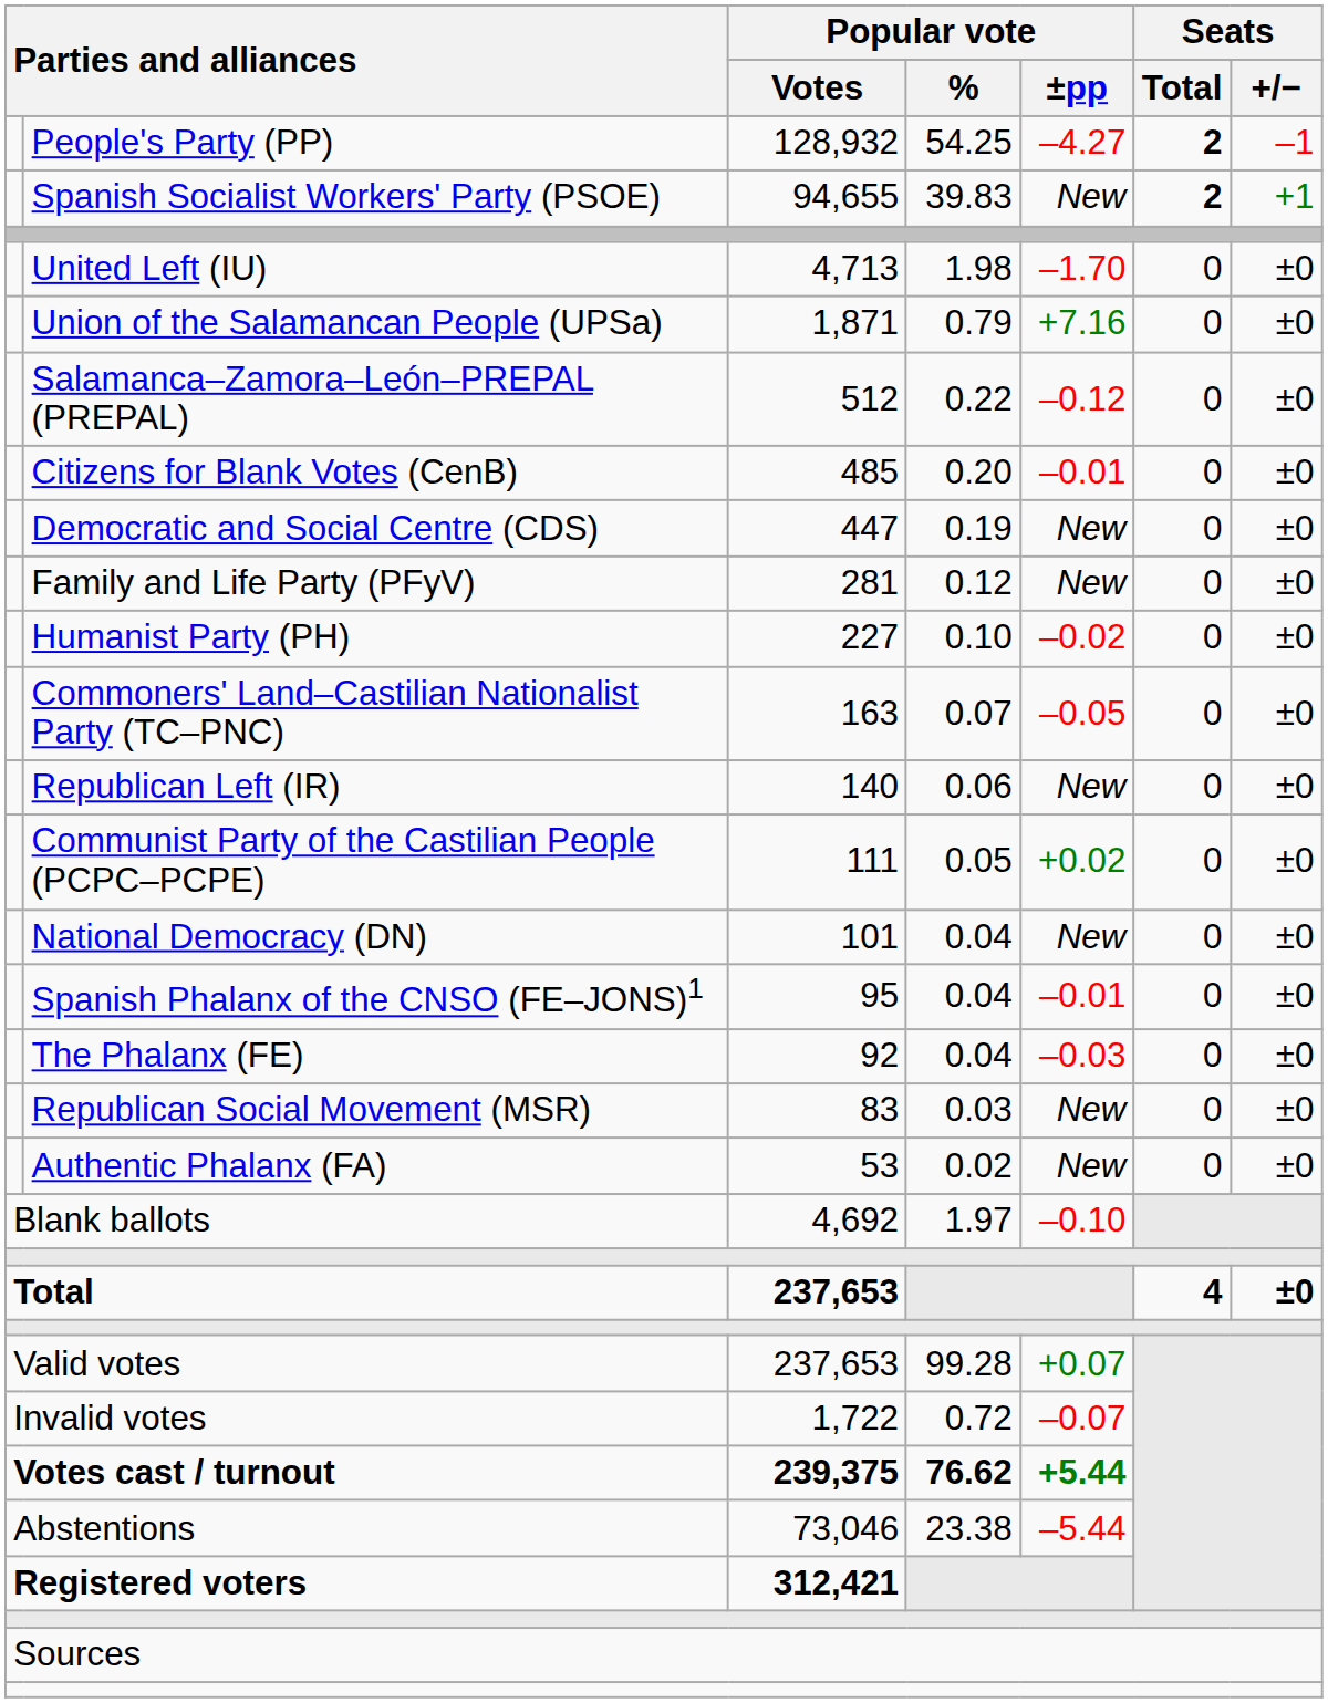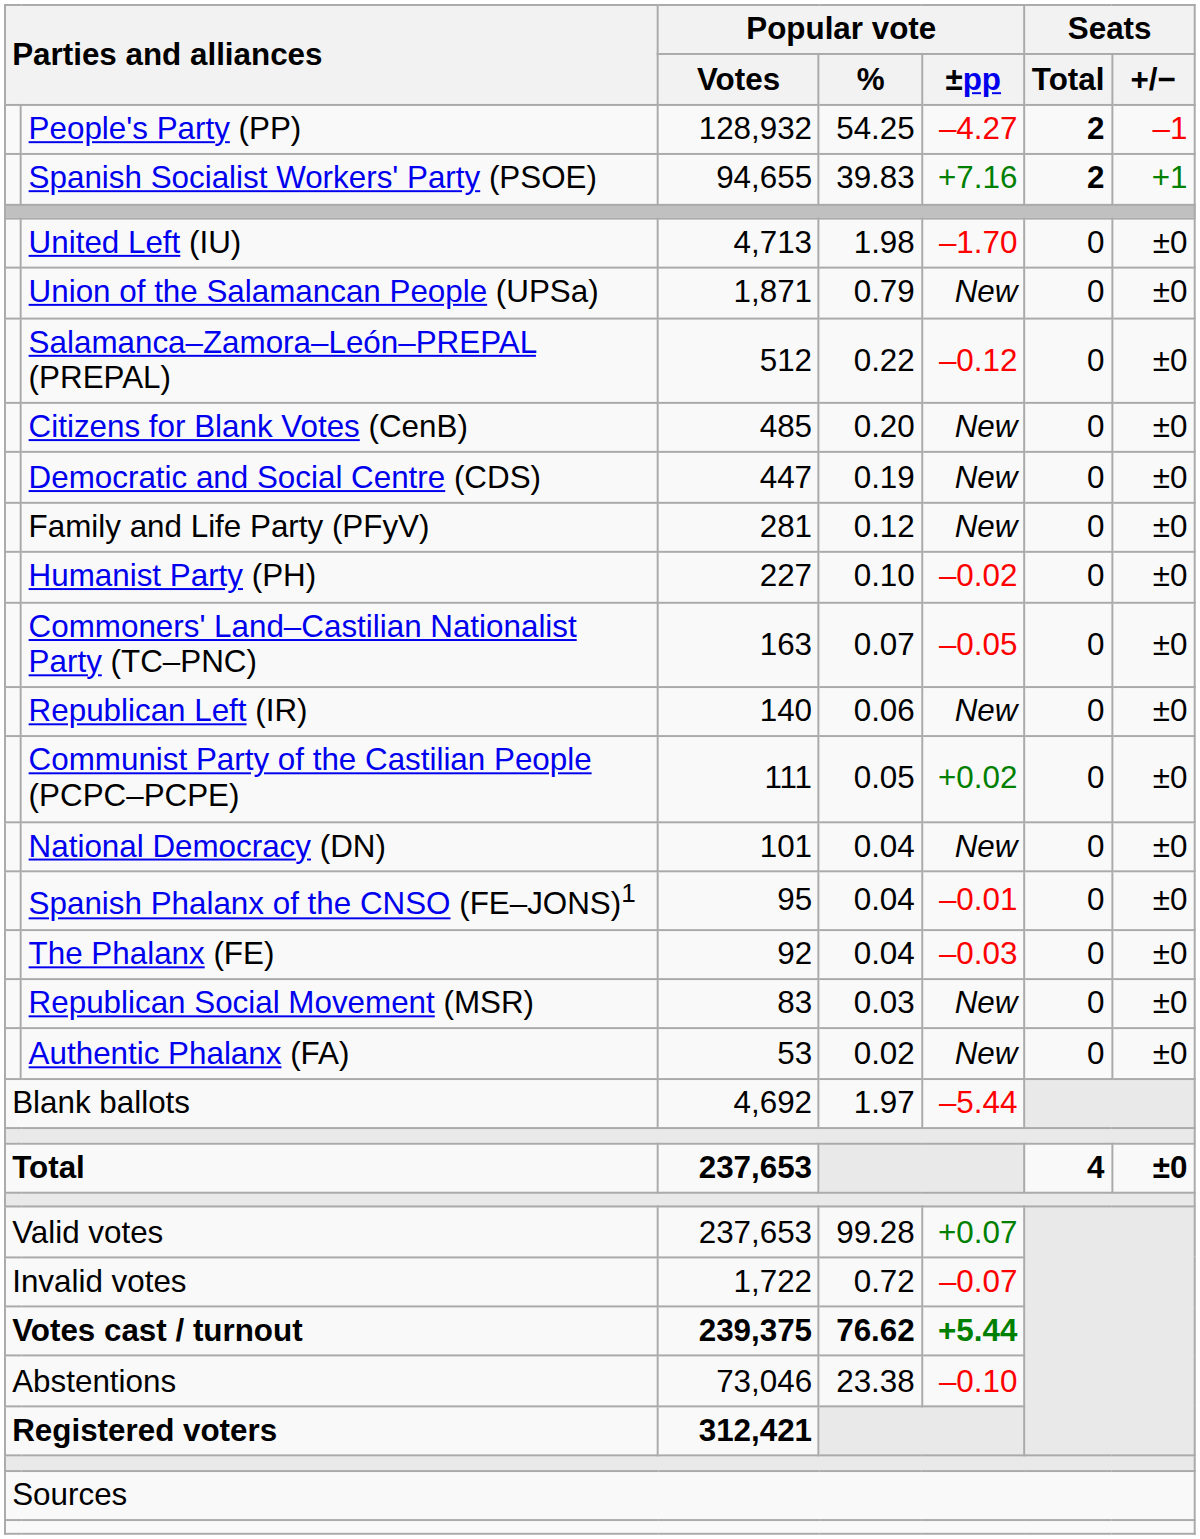 <table class="wikitable" style="text-align:right;">
 <tr>
 <th style="text-align:left;" rowspan="2" colspan="2" width="525">Parties and alliances</th>
 <th colspan="3">Popular vote</th>
 <th colspan="2">Seats</th>
 </tr>
 <tr>
 <th width="75">Votes</th>
 <th width="45">%</th>
 <th width="45">±<a href='#'>pp</a></th>
 <th width="35">Total</th>
 <th width="35">+/−</th>
 </tr>
 <tr>
 <td width="1" style="color:inherit;background:"></td>
 <td align="left"><a href='#'>People's Party</a> (PP)</td>
 <td>128,932</td>
 <td>54.25</td>
 <td style="color:red;">–4.27</td>
 <td><strong>2</strong></td>
 <td style="color:red;">–1</td>
 </tr>
 <tr>
 <td style="color:inherit;background:"></td>
 <td align="left"><a href='#'>Spanish Socialist Workers' Party</a> (PSOE)</td>
 <td>94,655</td>
 <td>39.83</td>
-<td><em>New</em></td>
+<td style="color:green;">+7.16</td>
 <td><strong>2</strong></td>
 <td style="color:green;">+1</td>
 </tr>
 <tr>
 <td colspan="7" bgcolor="#C0C0C0"></td>
 </tr>
 <tr>
 <td style="color:inherit;background:"></td>
 <td align="left"><a href='#'>United Left</a> (IU)</td>
 <td>4,713</td>
 <td>1.98</td>
 <td style="color:red;">–1.70</td>
 <td>0</td>
 <td>±0</td>
 </tr>
 <tr>
 <td style="color:inherit;background:"></td>
 <td align="left"><a href='#'>Union of the Salamancan People</a> (UPSa)</td>
 <td>1,871</td>
 <td>0.79</td>
-<td style="color:green;">+7.16</td>
+<td><em>New</em></td>
 <td>0</td>
 <td>±0</td>
 </tr>
 <tr>
 <td style="color:inherit;background:"></td>
 <td align="left"><a href='#'>Salamanca–Zamora–León–PREPAL</a> (PREPAL)</td>
 <td>512</td>
 <td>0.22</td>
 <td style="color:red;">–0.12</td>
 <td>0</td>
 <td>±0</td>
 </tr>
 <tr>
 <td style="color:inherit;background:"></td>
 <td align="left"><a href='#'>Citizens for Blank Votes</a> (CenB)</td>
 <td>485</td>
 <td>0.20</td>
-<td style="color:red;">–0.01</td>
+<td><em>New</em></td>
 <td>0</td>
 <td>±0</td>
 </tr>
 <tr>
 <td style="color:inherit;background:"></td>
 <td align="left"><a href='#'>Democratic and Social Centre</a> (CDS)</td>
 <td>447</td>
 <td>0.19</td>
 <td><em>New</em></td>
 <td>0</td>
 <td>±0</td>
 </tr>
 <tr>
 <td style="color:inherit;background:"></td>
 <td align="left">Family and Life Party (PFyV)</td>
 <td>281</td>
 <td>0.12</td>
 <td><em>New</em></td>
 <td>0</td>
 <td>±0</td>
 </tr>
 <tr>
 <td style="color:inherit;background:"></td>
 <td align="left"><a href='#'>Humanist Party</a> (PH)</td>
 <td>227</td>
 <td>0.10</td>
 <td style="color:red;">–0.02</td>
 <td>0</td>
 <td>±0</td>
 </tr>
 <tr>
 <td style="color:inherit;background:"></td>
 <td align="left"><a href='#'>Commoners' Land–Castilian Nationalist Party</a> (TC–PNC)</td>
 <td>163</td>
 <td>0.07</td>
 <td style="color:red;">–0.05</td>
 <td>0</td>
 <td>±0</td>
 </tr>
 <tr>
 <td style="color:inherit;background:"></td>
 <td align="left"><a href='#'>Republican Left</a> (IR)</td>
 <td>140</td>
 <td>0.06</td>
 <td><em>New</em></td>
 <td>0</td>
 <td>±0</td>
 </tr>
 <tr>
 <td style="color:inherit;background:"></td>
 <td align="left"><a href='#'>Communist Party of the Castilian People</a> (PCPC–PCPE)</td>
 <td>111</td>
 <td>0.05</td>
 <td style="color:green;">+0.02</td>
 <td>0</td>
 <td>±0</td>
 </tr>
 <tr>
 <td style="color:inherit;background:"></td>
 <td align="left"><a href='#'>National Democracy</a> (DN)</td>
 <td>101</td>
 <td>0.04</td>
 <td><em>New</em></td>
 <td>0</td>
 <td>±0</td>
 </tr>
 <tr>
 <td style="color:inherit;background:"></td>
 <td align="left"><a href='#'>Spanish Phalanx of the CNSO</a> (FE–JONS)<sup>1</sup></td>
 <td>95</td>
 <td>0.04</td>
 <td style="color:red;">–0.01</td>
 <td>0</td>
 <td>±0</td>
 </tr>
 <tr>
 <td style="color:inherit;background:"></td>
 <td align="left"><a href='#'>The Phalanx</a> (FE)</td>
 <td>92</td>
 <td>0.04</td>
 <td style="color:red;">–0.03</td>
 <td>0</td>
 <td>±0</td>
 </tr>
 <tr>
 <td style="color:inherit;background:"></td>
 <td align="left"><a href='#'>Republican Social Movement</a> (MSR)</td>
 <td>83</td>
 <td>0.03</td>
 <td><em>New</em></td>
 <td>0</td>
 <td>±0</td>
 </tr>
 <tr>
 <td style="color:inherit;background:"></td>
 <td align="left"><a href='#'>Authentic Phalanx</a> (FA)</td>
 <td>53</td>
 <td>0.02</td>
 <td><em>New</em></td>
 <td>0</td>
 <td>±0</td>
 </tr>
 <tr>
 <td align="left" colspan="2">Blank ballots</td>
 <td>4,692</td>
 <td>1.97</td>
-<td style="color:red;">–0.10</td>
+<td style="color:red;">–5.44</td>
 <td bgcolor="#E9E9E9" colspan="2"></td>
 </tr>
 <tr>
 <td colspan="7" bgcolor="#E9E9E9"></td>
 </tr>
 <tr style="font-weight:bold;">
 <td align="left" colspan="2">Total</td>
 <td>237,653</td>
 <td bgcolor="#E9E9E9" colspan="2"></td>
 <td>4</td>
 <td>±0</td>
 </tr>
 <tr>
 <td colspan="7" bgcolor="#E9E9E9"></td>
 </tr>
 <tr>
 <td align="left" colspan="2">Valid votes</td>
 <td>237,653</td>
 <td>99.28</td>
 <td style="color:green;">+0.07</td>
 <td bgcolor="#E9E9E9" colspan="2" rowspan="5"></td>
 </tr>
 <tr>
 <td align="left" colspan="2">Invalid votes</td>
 <td>1,722</td>
 <td>0.72</td>
 <td style="color:red;">–0.07</td>
 </tr>
 <tr style="font-weight:bold;">
 <td align="left" colspan="2">Votes cast / turnout</td>
 <td>239,375</td>
 <td>76.62</td>
 <td style="color:green;">+5.44</td>
 </tr>
 <tr>
 <td align="left" colspan="2">Abstentions</td>
 <td>73,046</td>
 <td>23.38</td>
-<td style="color:red;">–5.44</td>
+<td style="color:red;">–0.10</td>
 </tr>
 <tr style="font-weight:bold;">
 <td align="left" colspan="2">Registered voters</td>
 <td>312,421</td>
 <td bgcolor="#E9E9E9" colspan="2"></td>
 </tr>
 <tr>
 <td colspan="7" bgcolor="#E9E9E9"></td>
 </tr>
 <tr>
 <td align="left" colspan="7">Sources</td>
 </tr>
 <tr>
 <td colspan="7" style="text-align:left; max-width:790px;"></td>
 </tr>
 </table>
